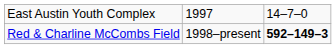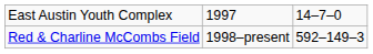 <table class="wikitable">
 <tr>
 <td>East Austin Youth Complex</td>
 <td>1997</td>
 <td>14–7–0</td>
 </tr>
 <tr>
 <td><a href='#'>Red & Charline McCombs Field</a></td>
 <td>1998–present</td>
-<td><strong>592–149–3</strong></td>
+<td>592–149–3</td>
 </tr>
 </table>
